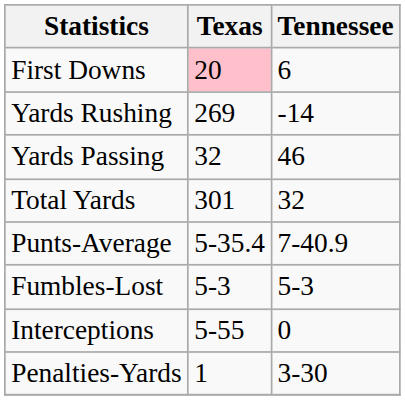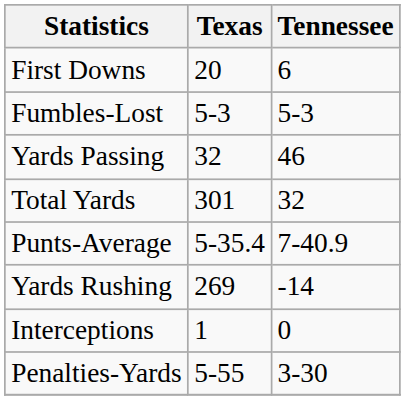 <table class="wikitable">
 <tr>
 <th>Statistics</th>
 <th>Texas</th>
 <th>Tennessee</th>
 </tr>
 <tr>
 <td>First Downs</td>
-<td style="background: pink;">20</td>
+<td>20</td>
 <td>6</td>
 </tr>
 <tr>
-<td>Yards Rushing</td>
-<td>269</td>
-<td>-14</td>
+<td>Fumbles-Lost</td>
+<td>5-3</td>
+<td>5-3</td>
 </tr>
 <tr>
 <td>Yards Passing</td>
 <td>32</td>
 <td>46</td>
 </tr>
 <tr>
 <td>Total Yards</td>
 <td>301</td>
 <td>32</td>
 </tr>
 <tr>
 <td>Punts-Average</td>
 <td>5-35.4</td>
 <td>7-40.9</td>
 </tr>
 <tr>
-<td>Fumbles-Lost</td>
-<td>5-3</td>
-<td>5-3</td>
+<td>Yards Rushing</td>
+<td>269</td>
+<td>-14</td>
 </tr>
 <tr>
 <td>Interceptions</td>
-<td>5-55</td>
+<td>1</td>
 <td>0</td>
 </tr>
 <tr>
 <td>Penalties-Yards</td>
-<td>1</td>
+<td>5-55</td>
 <td>3-30</td>
 </tr>
 <tr>
 </tr>
 </table>
